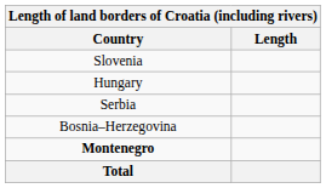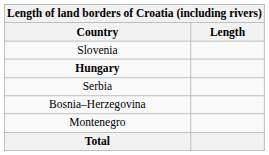 <table class="wikitable sortable">
 <tr>
 <th colspan=5>Length of land borders of Croatia (including rivers)</th>
 </tr>
 <tr>
 <th>Country</th>
 <th>Length</th>
 </tr>
 <tr align=center>
 <td>Slovenia</td>
 <td></td>
 </tr>
 <tr align=center>
-<td>Hungary</td>
+<td><strong>Hungary</strong></td>
 <td></td>
 </tr>
 <tr align=center>
 <td>Serbia</td>
 <td></td>
 </tr>
 <tr align=center>
 <td>Bosnia–Herzegovina</td>
 <td></td>
 </tr>
 <tr align=center>
-<td><strong>Montenegro</strong></td>
+<td>Montenegro</td>
 <td></td>
 </tr>
 <tr align=center sort=bottom>
 <th>Total</th>
 <th></th>
 </tr>
 </table>
